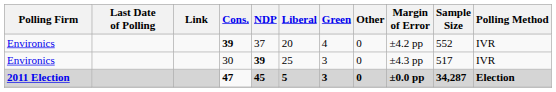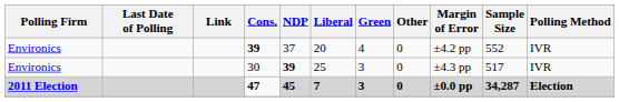 <table class="wikitable sortable">
 <tr style="background:#e9e9e9;">
 <th style="width:120px">Polling Firm</th>
 <th style="width:110px">Last Date<br>of Polling</th>
 <th style="width:60px" class="unsortable">Link</th>
 <th style="background-color:"><strong><a href='#'>Cons.</a></strong></th>
 <th style="background-color:"><strong><a href='#'>NDP</a></strong></th>
 <th style="background-color:"><strong><a href='#'>Liberal</a></strong></th>
 <th style="background-color:"><strong><a href='#'>Green</a></strong></th>
 <th style="background-color:"><strong>Other</strong></th>
 <th style="width:60px;" class=unsortable>Margin<br>of Error</th>
 <th style="width:50px;" class=unsortable>Sample<br>Size</th>
 <th class=unsortable>Polling Method</th>
 </tr>
 <tr>
 <td><a href='#'>Environics</a></td>
 <td></td>
 <td></td>
 <td><strong>39</strong></td>
 <td>37</td>
 <td>20</td>
 <td>4</td>
 <td>0</td>
 <td>±4.2 pp</td>
 <td>552</td>
 <td>IVR</td>
 </tr>
 <tr>
 <td><a href='#'>Environics</a></td>
 <td></td>
 <td></td>
 <td>30</td>
 <td><strong>39</strong></td>
 <td>25</td>
 <td>3</td>
 <td>0</td>
 <td>±4.3 pp</td>
 <td>517</td>
 <td>IVR</td>
 </tr>
 <tr>
 <td style="background:#D5D5D5"><strong><a href='#'>2011 Election</a></strong></td>
 <td style="background:#D5D5D5"><strong></strong></td>
 <td style="background:#D5D5D5"></td>
 <td><strong>47</strong></td>
 <td style="background:#D5D5D5"><strong>45</strong></td>
-<td style="background:#D5D5D5"><strong>5</strong></td>
+<td style="background:#D5D5D5"><strong>7</strong></td>
 <td style="background:#D5D5D5"><strong>3</strong></td>
 <td style="background:#D5D5D5"><strong>0</strong></td>
 <td style="background:#D5D5D5"><strong>±0.0 pp</strong></td>
 <td style="background:#D5D5D5"><strong>34,287</strong></td>
 <td style="background:#D5D5D5"><strong>Election</strong></td>
 </tr>
 <tr>
 </tr>
 <tr>
 </tr>
 </table>
